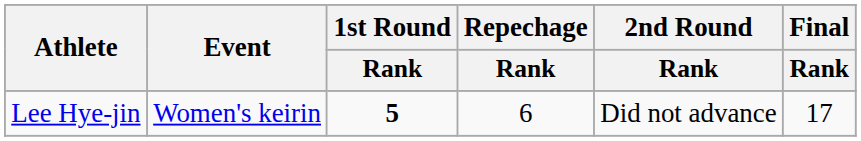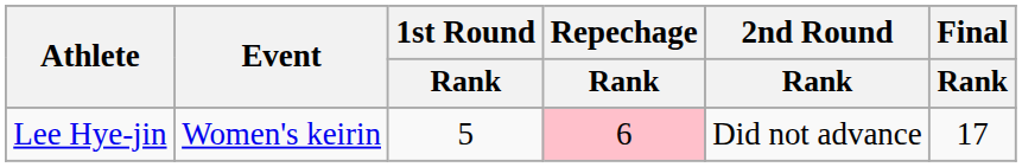 <table class="wikitable" style="font-size:90%">
 <tr>
 <th rowspan=2>Athlete</th>
 <th rowspan=2>Event</th>
 <th>1st Round</th>
 <th>Repechage</th>
 <th>2nd Round</th>
 <th>Final</th>
 </tr>
 <tr style="font-size:95%">
 <th>Rank</th>
 <th>Rank</th>
 <th>Rank</th>
 <th>Rank</th>
 </tr>
 <tr align=center>
 <td align=left><a href='#'>Lee Hye-jin</a></td>
 <td align=left><a href='#'>Women's keirin</a></td>
-<td><strong>5</strong></td>
-<td>6</td>
+<td>5</td>
+<td style="background: pink;">6</td>
 <td>Did not advance</td>
 <td>17</td>
 </tr>
 </table>
